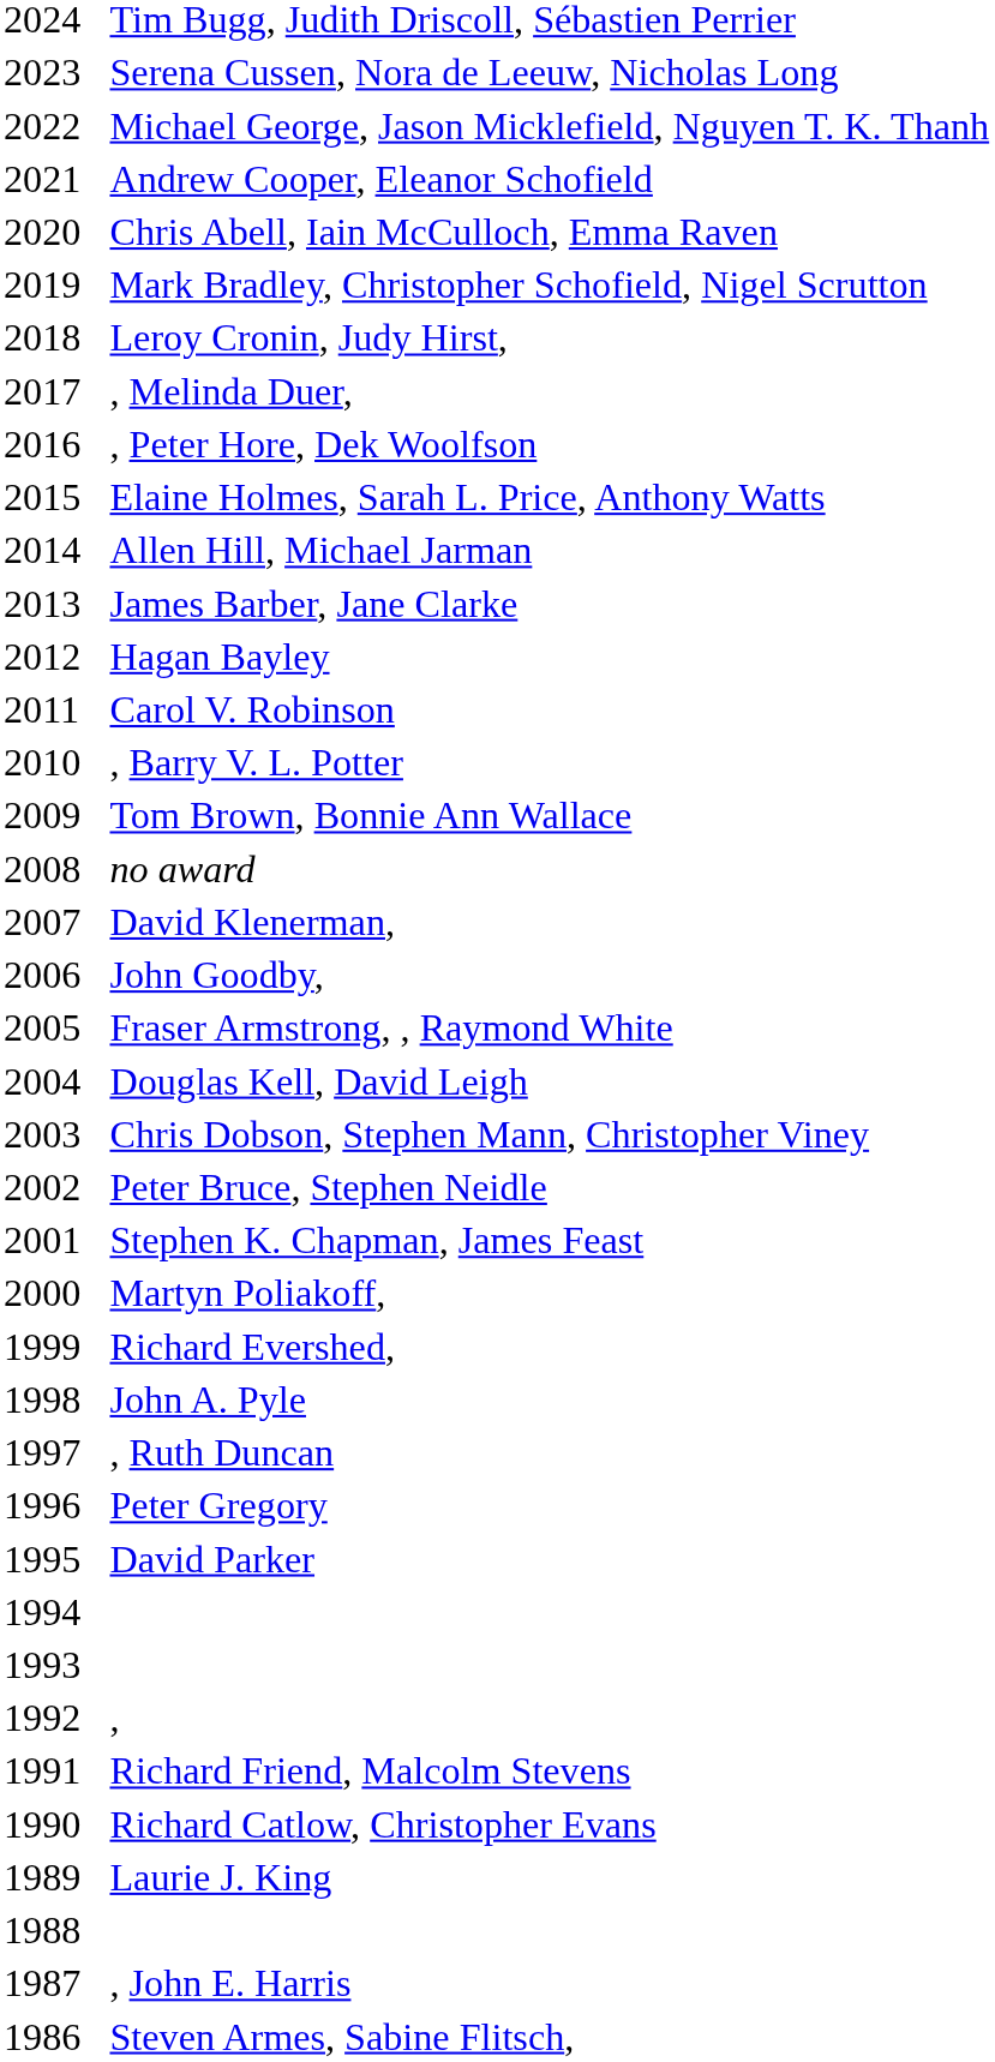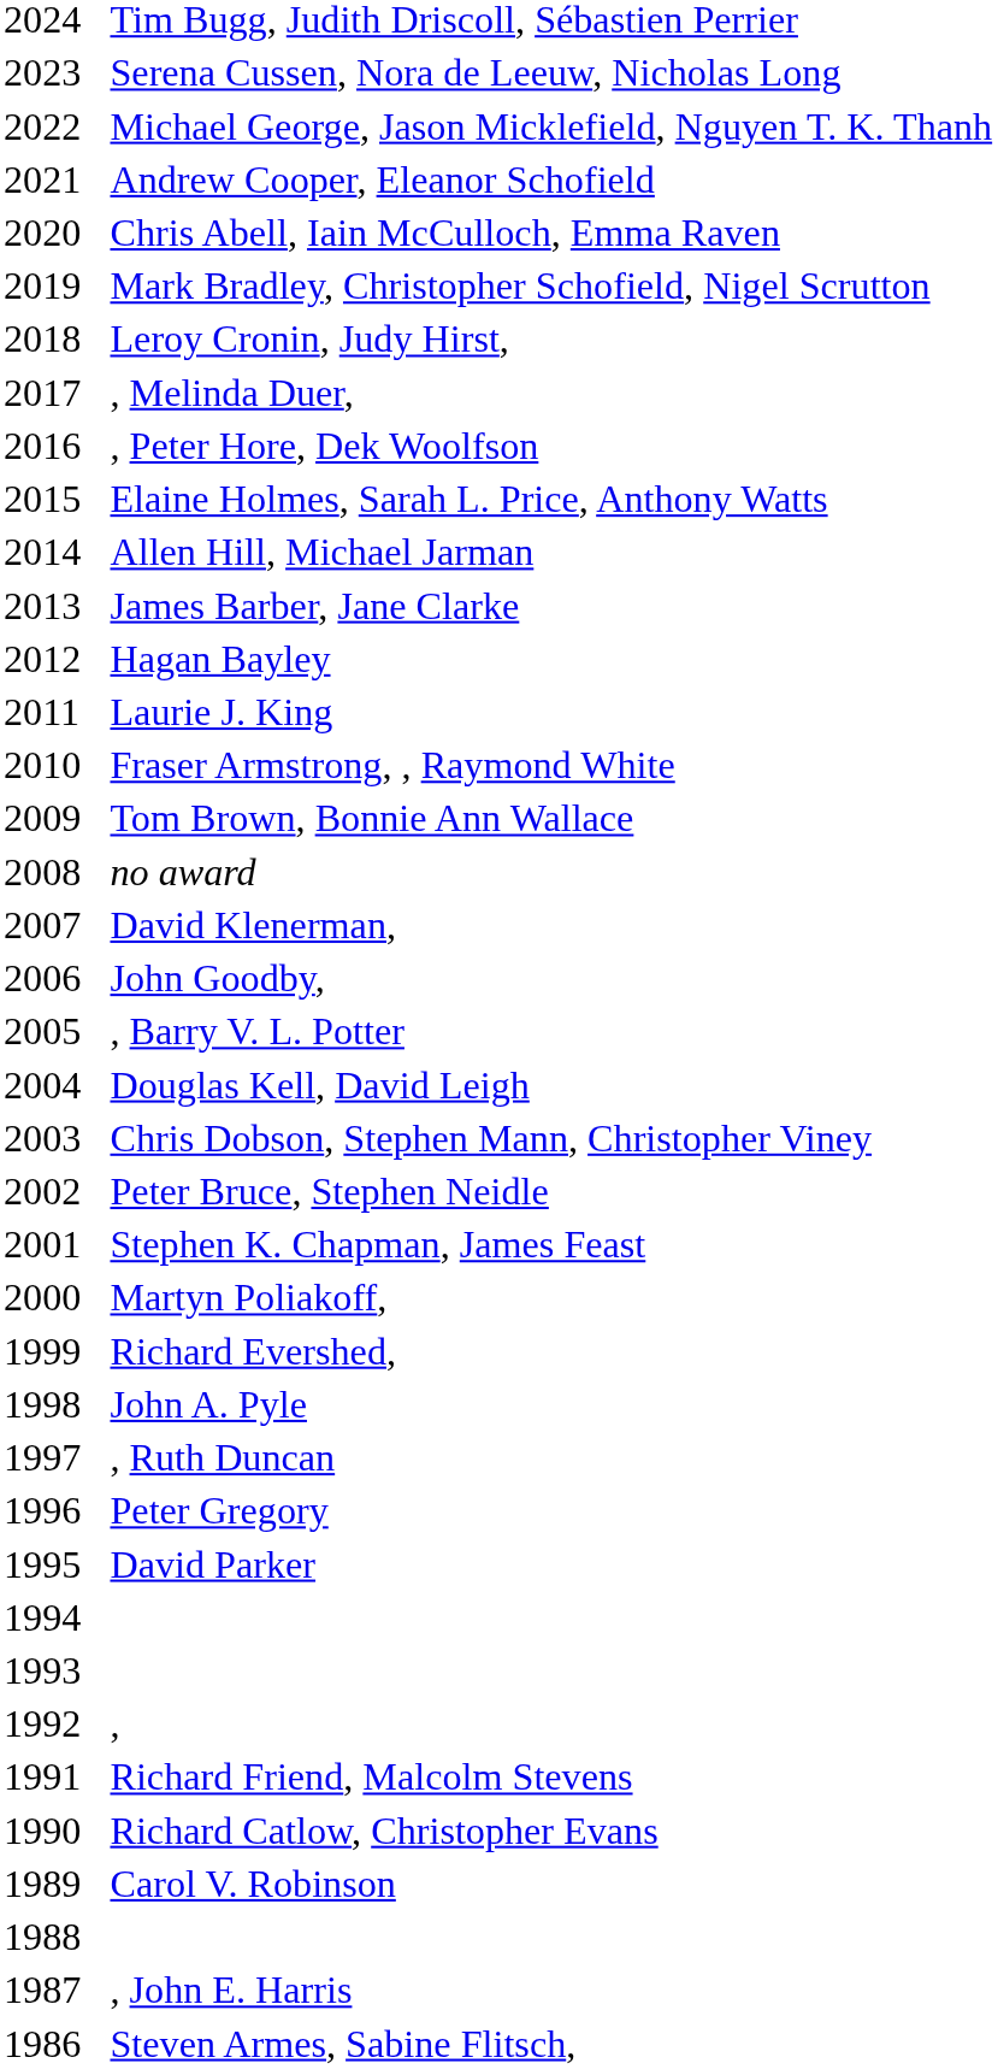 <table>
 <tr>
 <td>2024</td>
 <td><a href='#'>Tim Bugg</a>, <a href='#'>Judith Driscoll</a>, <a href='#'>Sébastien Perrier</a></td>
 </tr>
 <tr>
 <td>2023</td>
 <td><a href='#'>Serena Cussen</a>, <a href='#'>Nora de Leeuw</a>, <a href='#'>Nicholas Long</a></td>
 </tr>
 <tr>
 <td>2022</td>
 <td><a href='#'>Michael George</a>, <a href='#'>Jason Micklefield</a>, <a href='#'>Nguyen T. K. Thanh</a></td>
 </tr>
 <tr>
 <td>2021</td>
 <td><a href='#'>Andrew Cooper</a>, <a href='#'>Eleanor Schofield</a></td>
 </tr>
 <tr>
 <td>2020</td>
 <td><a href='#'>Chris Abell</a>, <a href='#'>Iain McCulloch</a>, <a href='#'>Emma Raven</a></td>
 </tr>
 <tr>
 <td>2019</td>
 <td><a href='#'>Mark Bradley</a>, <a href='#'>Christopher Schofield</a>, <a href='#'>Nigel Scrutton</a></td>
 </tr>
 <tr>
 <td>2018</td>
 <td><a href='#'>Leroy Cronin</a>, <a href='#'>Judy Hirst</a>, </td>
 </tr>
 <tr>
 <td>2017</td>
 <td>, <a href='#'>Melinda Duer</a>, </td>
 </tr>
 <tr>
 <td>2016</td>
 <td>, <a href='#'>Peter Hore</a>, <a href='#'>Dek Woolfson</a></td>
 </tr>
 <tr>
 <td>2015</td>
 <td><a href='#'>Elaine Holmes</a>, <a href='#'>Sarah L. Price</a>, <a href='#'>Anthony Watts</a></td>
 </tr>
 <tr>
 <td>2014</td>
 <td><a href='#'>Allen Hill</a>, <a href='#'>Michael Jarman</a></td>
 </tr>
 <tr>
 <td>2013</td>
 <td><a href='#'>James Barber</a>, <a href='#'>Jane Clarke</a></td>
 </tr>
 <tr>
 <td>2012</td>
 <td><a href='#'>Hagan Bayley</a></td>
 </tr>
 <tr>
 <td>2011</td>
-<td><a href='#'>Carol V. Robinson</a></td>
+<td><a href='#'>Laurie J. King</a></td>
 </tr>
 <tr>
 <td>2010</td>
-<td>, <a href='#'>Barry V. L. Potter</a></td>
+<td><a href='#'>Fraser Armstrong</a>, , <a href='#'>Raymond White</a></td>
 </tr>
 <tr>
 <td>2009</td>
 <td><a href='#'>Tom Brown</a>, <a href='#'>Bonnie Ann Wallace</a></td>
 </tr>
 <tr>
 <td>2008</td>
 <td><em>no award</em></td>
 </tr>
 <tr>
 <td>2007</td>
 <td><a href='#'>David Klenerman</a>, </td>
 </tr>
 <tr>
 <td>2006</td>
 <td><a href='#'>John Goodby</a>, </td>
 </tr>
 <tr>
 <td>2005</td>
-<td><a href='#'>Fraser Armstrong</a>, , <a href='#'>Raymond White</a></td>
+<td>, <a href='#'>Barry V. L. Potter</a></td>
 </tr>
 <tr>
 <td>2004</td>
 <td><a href='#'>Douglas Kell</a>, <a href='#'>David Leigh</a></td>
 </tr>
 <tr>
 <td>2003</td>
 <td><a href='#'>Chris Dobson</a>, <a href='#'>Stephen Mann</a>, <a href='#'>Christopher Viney</a></td>
 </tr>
 <tr>
 <td>2002</td>
 <td><a href='#'>Peter Bruce</a>, <a href='#'>Stephen Neidle</a></td>
 </tr>
 <tr>
 <td>2001</td>
 <td><a href='#'>Stephen K. Chapman</a>, <a href='#'>James Feast</a></td>
 </tr>
 <tr>
 <td>2000</td>
 <td><a href='#'>Martyn Poliakoff</a>, </td>
 </tr>
 <tr>
 <td>1999</td>
 <td><a href='#'>Richard Evershed</a>, </td>
 </tr>
 <tr>
 <td>1998</td>
 <td><a href='#'>John A. Pyle</a></td>
 </tr>
 <tr>
 <td>1997</td>
 <td>, <a href='#'>Ruth Duncan</a></td>
 </tr>
 <tr>
 <td>1996</td>
 <td><a href='#'>Peter Gregory</a></td>
 </tr>
 <tr>
 <td>1995</td>
 <td><a href='#'>David Parker</a></td>
 </tr>
 <tr>
 <td>1994</td>
 <td></td>
 </tr>
 <tr>
 <td>1993</td>
 <td></td>
 </tr>
 <tr>
 <td>1992</td>
 <td>, </td>
 </tr>
 <tr>
 <td>1991</td>
 <td><a href='#'>Richard Friend</a>, <a href='#'>Malcolm Stevens</a></td>
 </tr>
 <tr>
 <td>1990</td>
 <td><a href='#'>Richard Catlow</a>, <a href='#'>Christopher Evans</a></td>
 </tr>
 <tr>
 <td>1989</td>
-<td><a href='#'>Laurie J. King</a></td>
+<td><a href='#'>Carol V. Robinson</a></td>
 </tr>
 <tr>
 <td>1988</td>
 <td></td>
 </tr>
 <tr>
 <td>1987</td>
 <td>, <a href='#'>John E. Harris</a></td>
 </tr>
 <tr>
 <td>1986  </td>
 <td><a href='#'>Steven Armes</a>, <a href='#'>Sabine Flitsch</a>, </td>
 </tr>
 </table>
